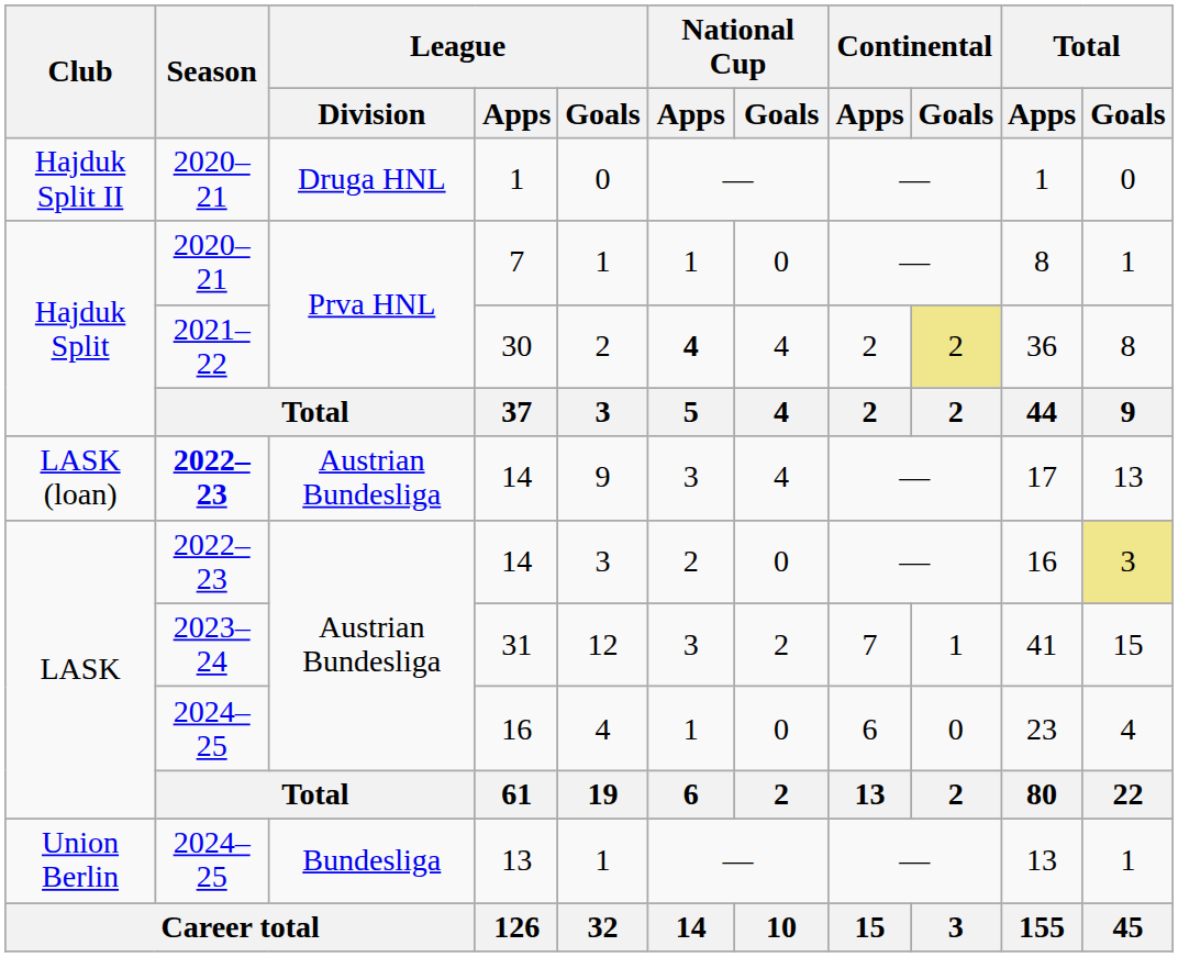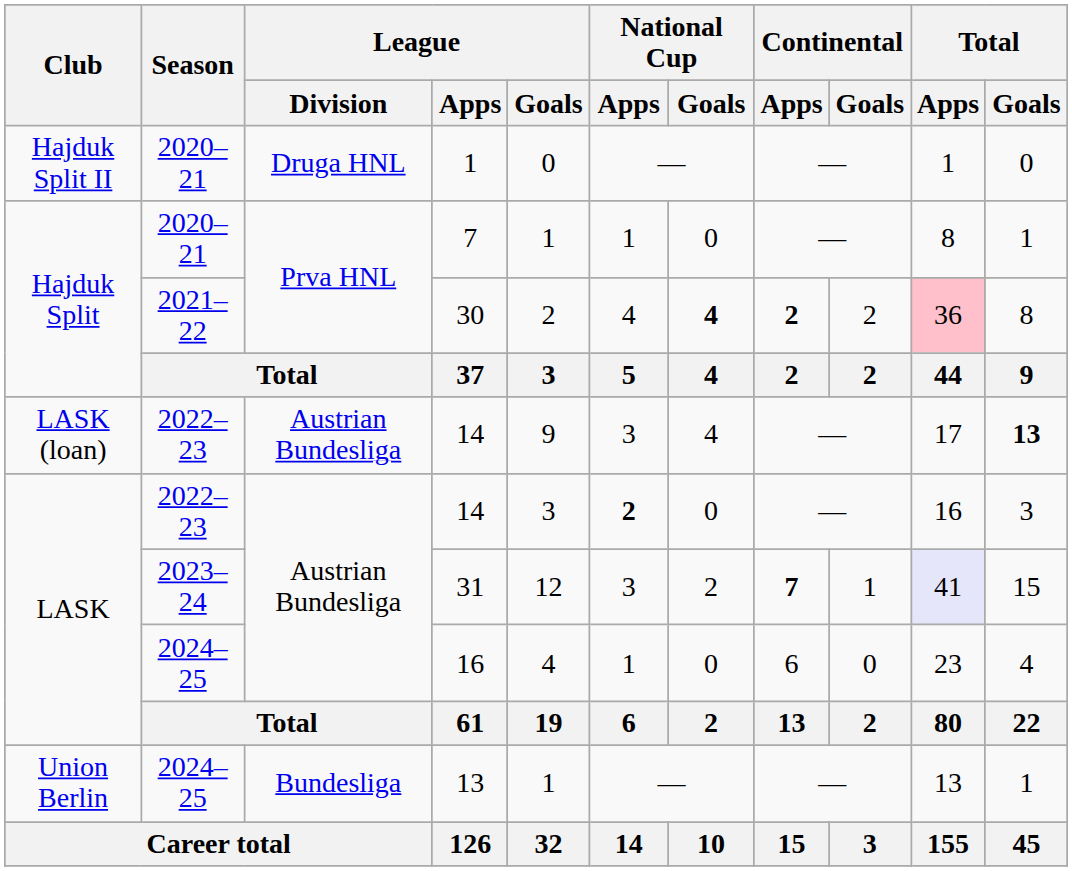 <table class="wikitable" style="text-align:center">
 <tr>
 <th rowspan="2">Club</th>
 <th rowspan="2">Season</th>
 <th colspan="3">League</th>
 <th colspan="2">National Cup</th>
 <th colspan="2">Continental</th>
 <th colspan="2">Total</th>
 </tr>
 <tr>
 <th>Division</th>
 <th>Apps</th>
 <th>Goals</th>
 <th>Apps</th>
 <th>Goals</th>
 <th>Apps</th>
 <th>Goals</th>
 <th>Apps</th>
 <th>Goals</th>
 </tr>
 <tr>
 <td><a href='#'>Hajduk Split II</a></td>
 <td><a href='#'>2020–21</a></td>
 <td><a href='#'>Druga HNL</a></td>
 <td>1</td>
 <td>0</td>
 <td colspan="2">—</td>
 <td colspan="2">—</td>
 <td>1</td>
 <td>0</td>
 </tr>
 <tr>
 <td rowspan="3"><a href='#'>Hajduk Split</a></td>
 <td><a href='#'>2020–21</a></td>
 <td rowspan="2"><a href='#'>Prva HNL</a></td>
 <td>7</td>
 <td>1</td>
 <td>1</td>
 <td>0</td>
 <td colspan="2">—</td>
 <td>8</td>
 <td>1</td>
 </tr>
 <tr>
 <td><a href='#'>2021–22</a></td>
 <td>30</td>
 <td>2</td>
+<td>4</td>
 <td><strong>4</strong></td>
-<td>4</td>
+<td><strong>2</strong></td>
 <td>2</td>
-<td style="background: khaki;">2</td>
-<td>36</td>
+<td style="background: pink;">36</td>
 <td>8</td>
 </tr>
 <tr>
 <th colspan="2">Total</th>
 <th>37</th>
 <th>3</th>
 <th>5</th>
 <th>4</th>
 <th>2</th>
 <th>2</th>
 <th>44</th>
 <th>9</th>
 </tr>
 <tr>
 <td><a href='#'>LASK</a> (loan)</td>
-<td><strong><a href='#'>2022–23</a></strong></td>
+<td><a href='#'>2022–23</a></td>
 <td><a href='#'>Austrian Bundesliga</a></td>
 <td>14</td>
 <td>9</td>
 <td>3</td>
 <td>4</td>
 <td colspan="2">—</td>
 <td>17</td>
-<td>13</td>
+<td><strong>13</strong></td>
 </tr>
 <tr>
 <td rowspan="4">LASK</td>
 <td><a href='#'>2022–23</a></td>
 <td rowspan="3">Austrian Bundesliga</td>
 <td>14</td>
 <td>3</td>
-<td>2</td>
+<td><strong>2</strong></td>
 <td>0</td>
 <td colspan="2">—</td>
 <td>16</td>
-<td style="background: khaki;">3</td>
+<td>3</td>
 </tr>
 <tr>
 <td><a href='#'>2023–24</a></td>
 <td>31</td>
 <td>12</td>
 <td>3</td>
 <td>2</td>
-<td>7</td>
+<td><strong>7</strong></td>
 <td>1</td>
-<td>41</td>
+<td style="background: lavender;">41</td>
 <td>15</td>
 </tr>
 <tr>
 <td><a href='#'>2024–25</a></td>
 <td>16</td>
 <td>4</td>
 <td>1</td>
 <td>0</td>
 <td>6</td>
 <td>0</td>
 <td>23</td>
 <td>4</td>
 </tr>
 <tr>
 <th colspan="2">Total</th>
 <th>61</th>
 <th>19</th>
 <th>6</th>
 <th>2</th>
 <th>13</th>
 <th>2</th>
 <th>80</th>
 <th>22</th>
 </tr>
 <tr>
 <td><a href='#'>Union Berlin</a></td>
 <td><a href='#'>2024–25</a></td>
 <td><a href='#'>Bundesliga</a></td>
 <td>13</td>
 <td>1</td>
 <td colspan="2">—</td>
 <td colspan="2">—</td>
 <td>13</td>
 <td>1</td>
 </tr>
 <tr>
 <th colspan="3">Career total</th>
 <th>126</th>
 <th>32</th>
 <th>14</th>
 <th>10</th>
 <th>15</th>
 <th>3</th>
 <th>155</th>
 <th>45</th>
 </tr>
 </table>
